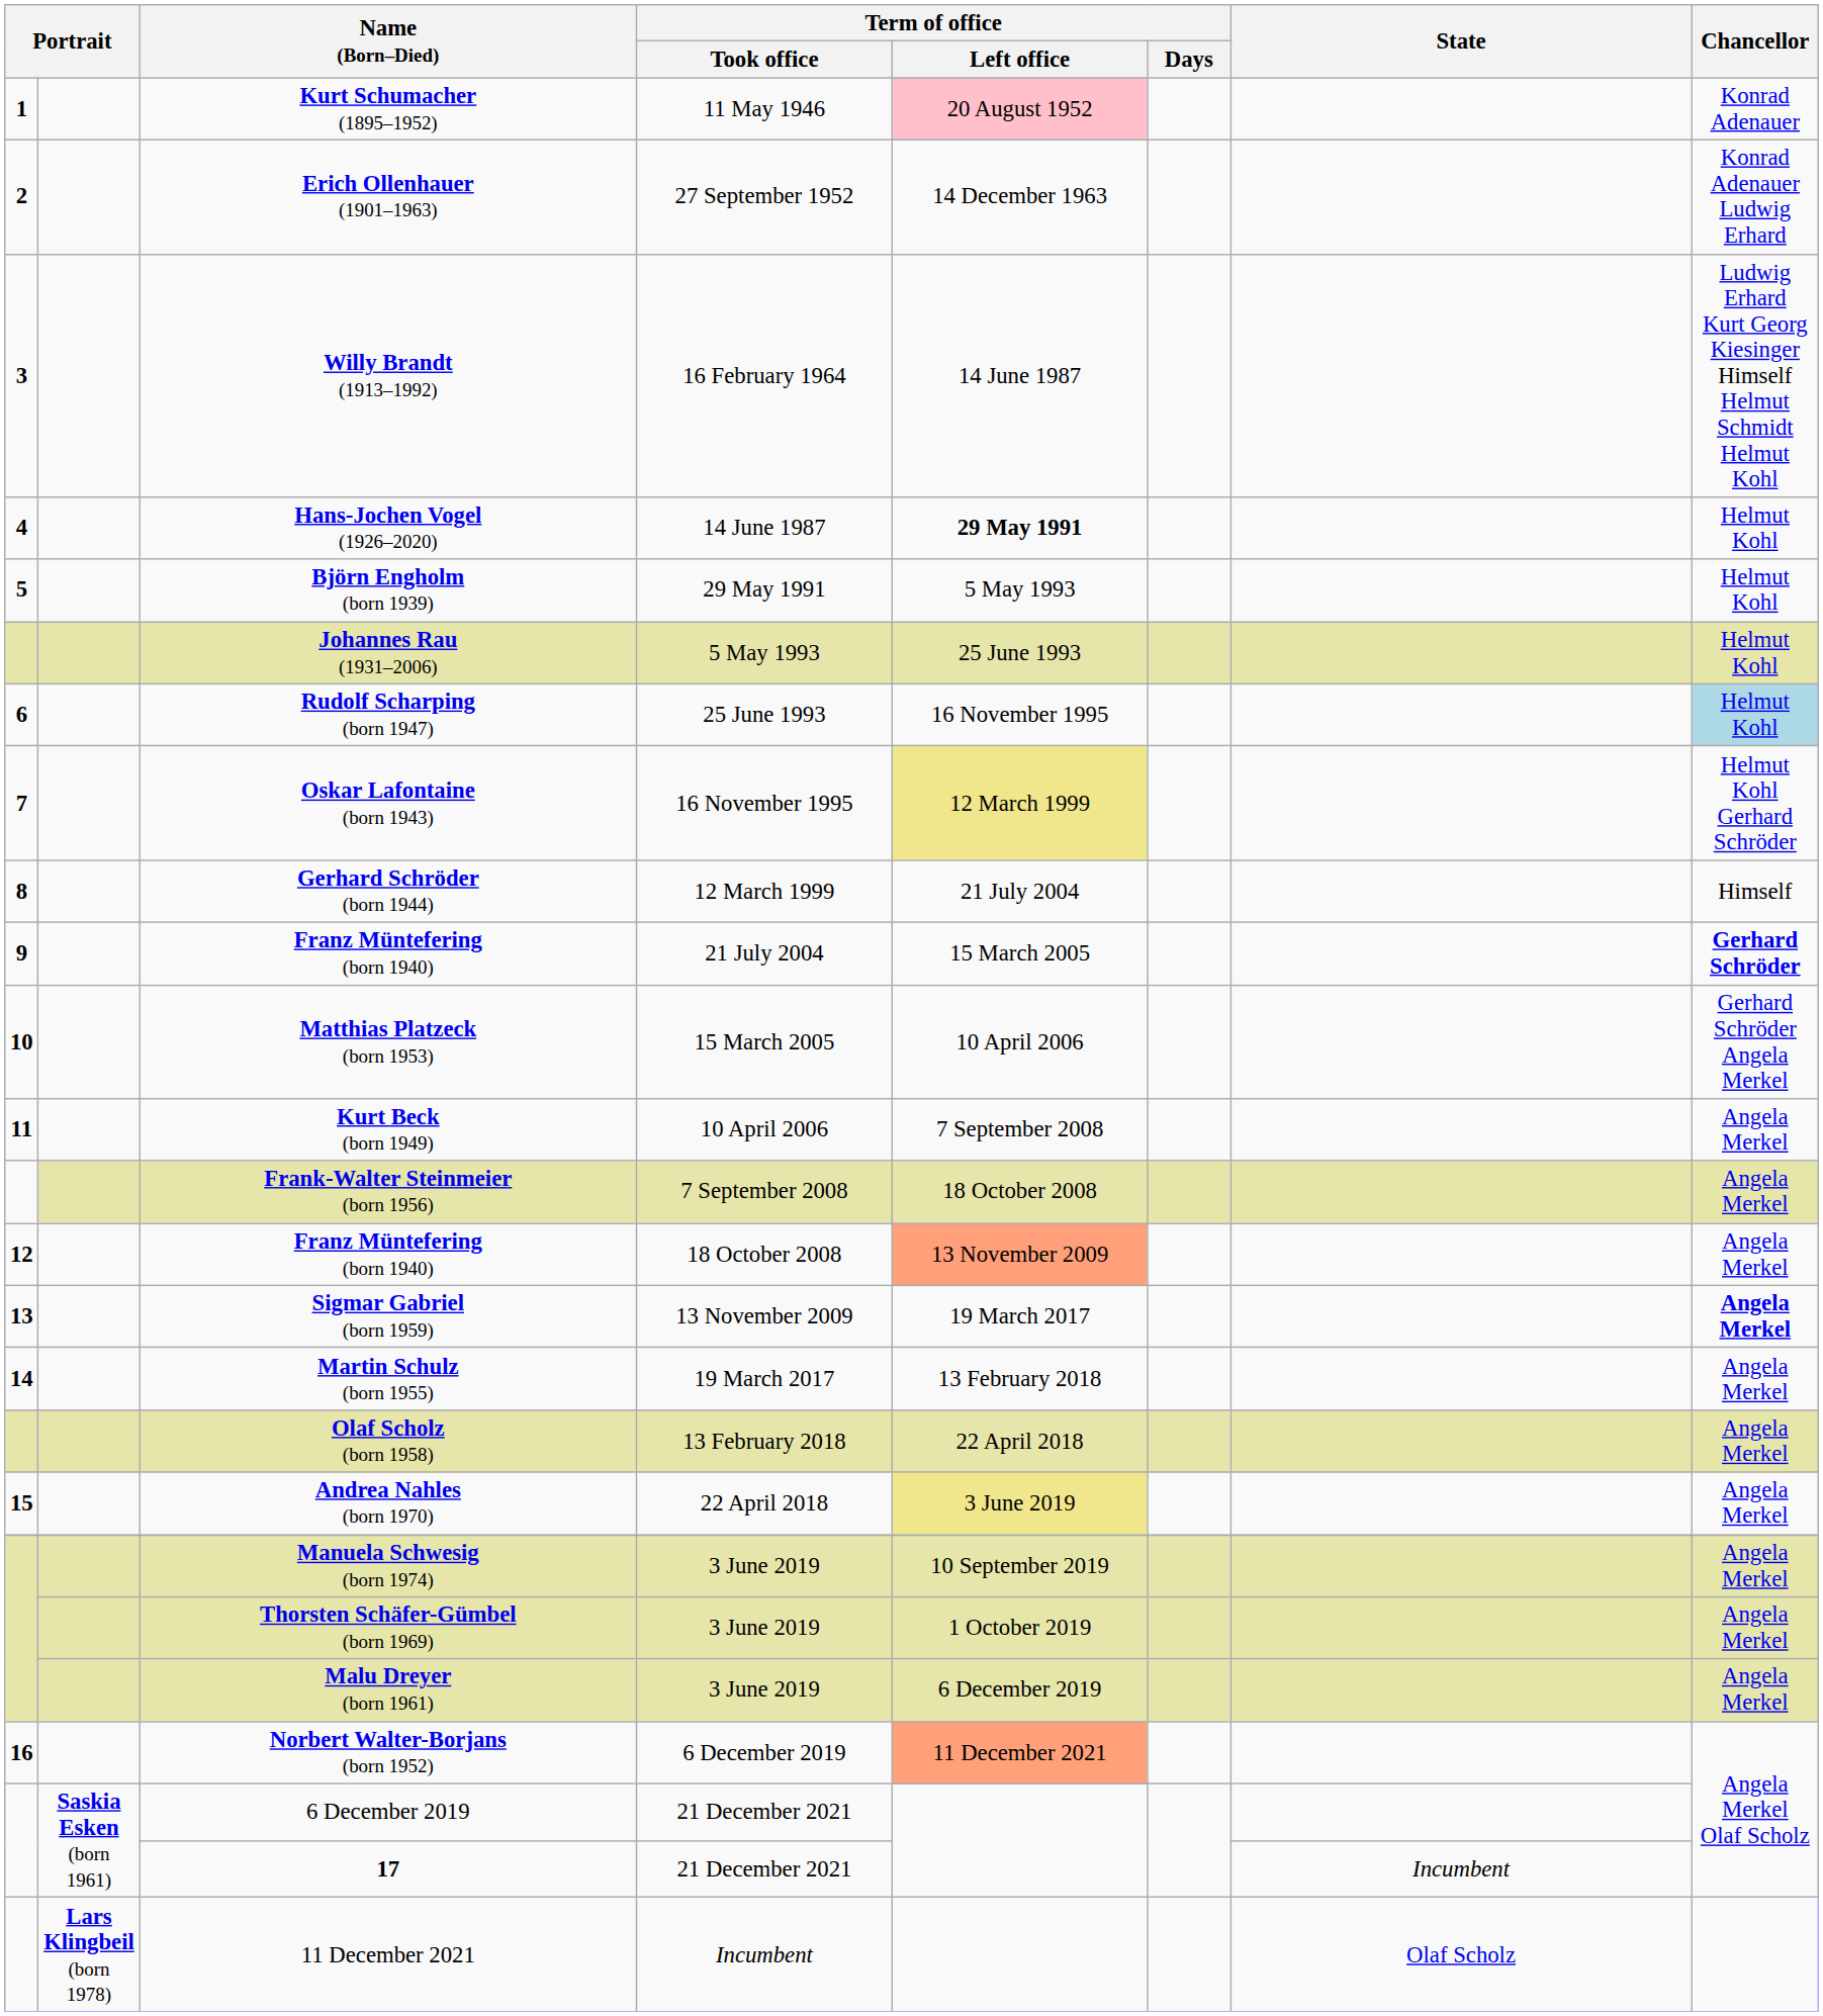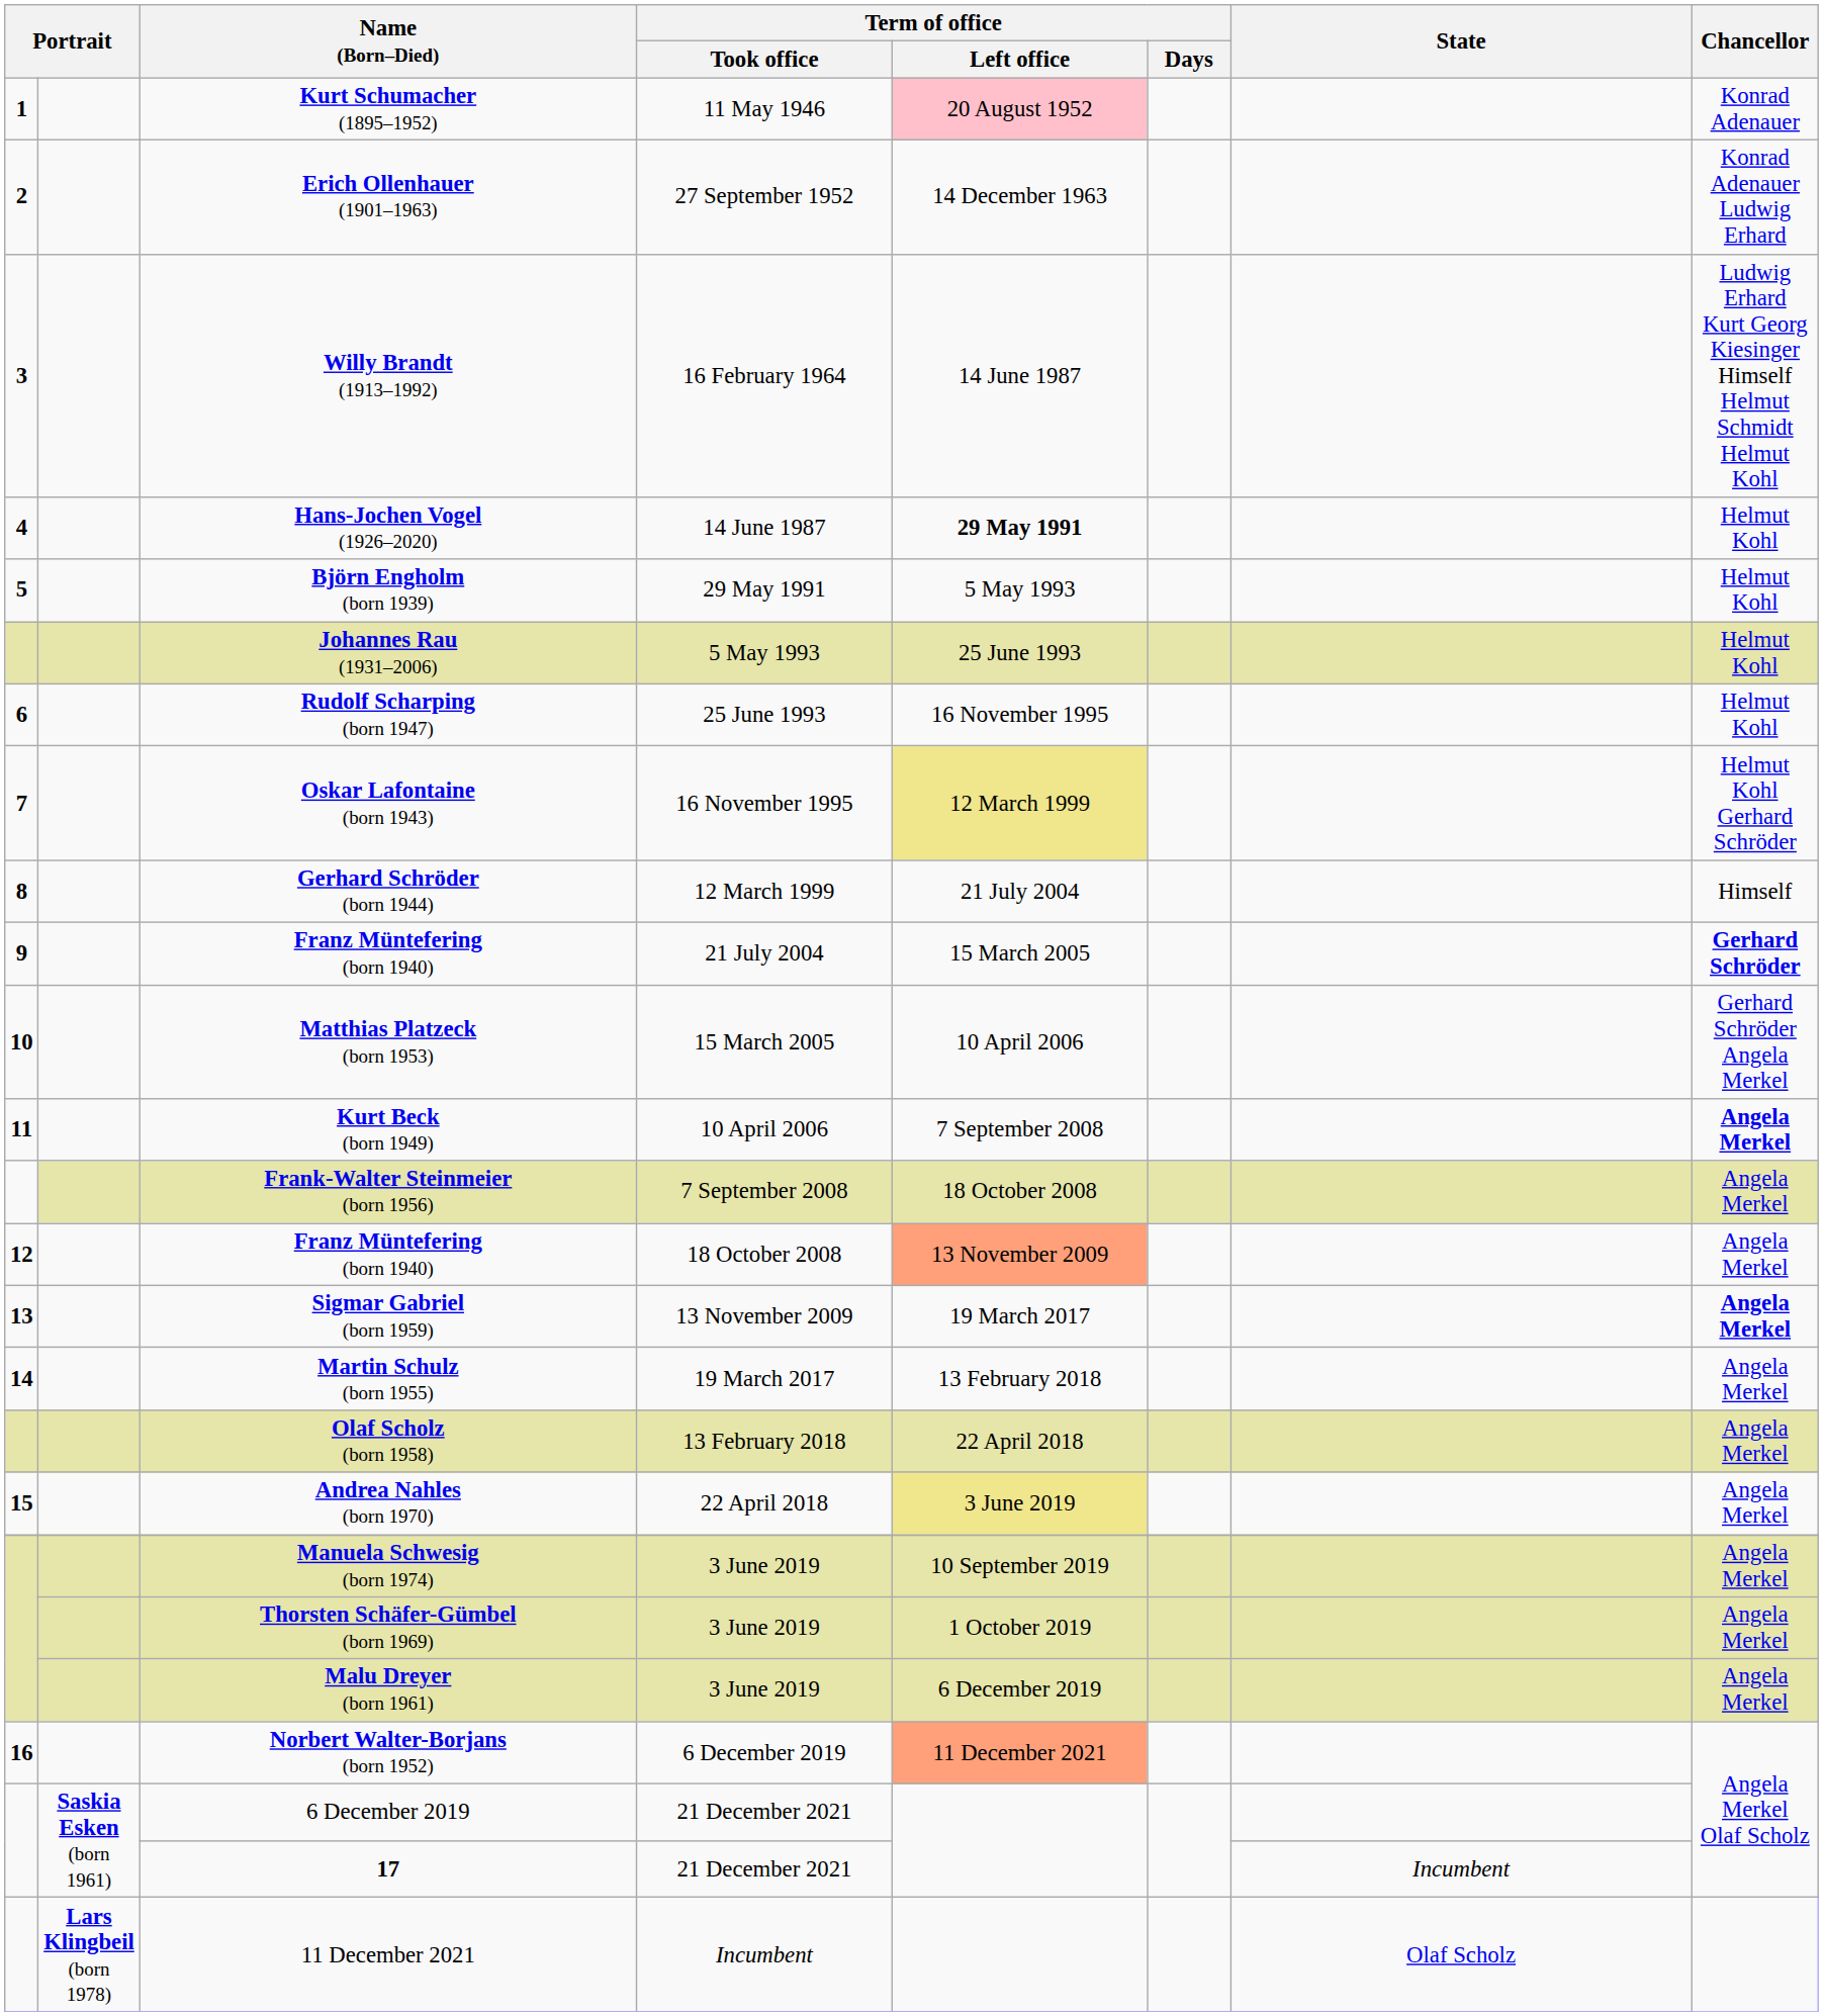 <table class="wikitable" style="text-align:center; width:100%; border:1px #AAAAFF solid">
 <tr>
 <th width=80px rowspan=2 colspan=2>Portrait</th>
 <th width=30% rowspan=2>Name<br><small>(Born–Died)</small></th>
 <th width=35% colspan=3>Term of office</th>
 <th width=28% rowspan=2>State</th>
 <th width=28% rowspan=2>Chancellor</th>
 </tr>
 <tr>
 <th>Took office</th>
 <th>Left office</th>
 <th>Days</th>
 </tr>
 <tr>
 <td style="background:"><strong>1</strong></td>
 <td></td>
 <td><strong><a href='#'>Kurt Schumacher</a></strong><br><small>(1895–1952)</small></td>
 <td>11 May 1946</td>
 <td style="background: pink;">20 August 1952<br></td>
 <td></td>
 <td></td>
 <td><a href='#'>Konrad Adenauer</a></td>
 </tr>
 <tr>
 <td style="background:"><strong>2</strong></td>
 <td></td>
 <td><strong><a href='#'>Erich Ollenhauer</a></strong><br><small>(1901–1963)</small></td>
 <td>27 September 1952</td>
 <td>14 December 1963<br></td>
 <td></td>
 <td></td>
 <td><a href='#'>Konrad Adenauer</a><br><a href='#'>Ludwig Erhard</a></td>
 </tr>
 <tr>
 <td style="background:"><strong>3</strong></td>
 <td></td>
 <td><strong><a href='#'>Willy Brandt</a></strong><br><small>(1913–1992)</small></td>
 <td>16 February 1964</td>
 <td>14 June 1987</td>
 <td></td>
 <td></td>
 <td><a href='#'>Ludwig Erhard</a><br><a href='#'>Kurt Georg Kiesinger</a><br>Himself<br><a href='#'>Helmut Schmidt</a><br><a href='#'>Helmut Kohl</a></td>
 </tr>
 <tr>
 <td style="background:"><strong>4</strong></td>
 <td></td>
 <td><strong><a href='#'>Hans-Jochen Vogel</a></strong><br><small>(1926–2020)</small></td>
 <td>14 June 1987</td>
 <td><strong>29 May 1991</strong></td>
 <td></td>
 <td></td>
 <td><a href='#'>Helmut Kohl</a></td>
 </tr>
 <tr>
 <td style="background:"><strong>5</strong></td>
 <td></td>
 <td><strong><a href='#'>Björn Engholm</a></strong><br><small>(born 1939)</small></td>
 <td>29 May 1991</td>
 <td>5 May 1993<br></td>
 <td></td>
 <td></td>
 <td><a href='#'>Helmut Kohl</a></td>
 </tr>
 <tr style="background-color: #E6E6AA" |>
 <td style="background:"></td>
 <td></td>
 <td><strong><a href='#'>Johannes Rau</a></strong><br><small>(1931–2006)</small></td>
 <td>5 May 1993</td>
 <td>25 June 1993</td>
 <td></td>
 <td></td>
 <td><a href='#'>Helmut Kohl</a></td>
 </tr>
 <tr>
 <td style="background:"><strong>6</strong></td>
 <td></td>
 <td><strong><a href='#'>Rudolf Scharping</a></strong><br><small>(born 1947)</small></td>
 <td>25 June 1993</td>
 <td>16 November 1995</td>
 <td></td>
 <td></td>
-<td style="background: lightblue;"><a href='#'>Helmut Kohl</a></td>
+<td><a href='#'>Helmut Kohl</a></td>
 </tr>
 <tr>
 <td style="background:"><strong>7</strong></td>
 <td></td>
 <td><strong><a href='#'>Oskar Lafontaine</a></strong><br><small>(born 1943)</small></td>
 <td>16 November 1995</td>
 <td style="background: khaki;">12 March 1999<br></td>
 <td></td>
 <td></td>
 <td><a href='#'>Helmut Kohl</a><br><a href='#'>Gerhard Schröder</a></td>
 </tr>
 <tr>
 <td style="background:"><strong>8</strong></td>
 <td></td>
 <td><strong><a href='#'>Gerhard Schröder</a></strong><br><small>(born 1944)</small></td>
 <td>12 March 1999</td>
 <td>21 July 2004</td>
 <td></td>
 <td></td>
 <td>Himself</td>
 </tr>
 <tr>
 <td style="background:"><strong>9</strong></td>
 <td></td>
 <td><strong><a href='#'>Franz Müntefering</a></strong><br><small>(born 1940)</small></td>
 <td>21 July 2004</td>
 <td>15 March 2005<br></td>
 <td></td>
 <td></td>
 <td><strong><a href='#'>Gerhard Schröder</a></strong></td>
 </tr>
 <tr>
 <td style="background:"><strong>10</strong></td>
 <td></td>
 <td><strong><a href='#'>Matthias Platzeck</a></strong><br><small>(born 1953)</small></td>
 <td>15 March 2005</td>
 <td>10 April 2006<br></td>
 <td></td>
 <td></td>
 <td><a href='#'>Gerhard Schröder</a><br><a href='#'>Angela Merkel</a></td>
 </tr>
 <tr>
 <td style="background:"><strong>11</strong></td>
 <td></td>
 <td><strong><a href='#'>Kurt Beck</a></strong><br><small>(born 1949)</small></td>
 <td>10 April 2006</td>
 <td>7 September 2008<br></td>
 <td></td>
 <td></td>
-<td><a href='#'>Angela Merkel</a></td>
+<td><strong><a href='#'>Angela Merkel</a></strong></td>
 </tr>
 <tr>
 <td style="background:"></td>
 <td style="background-color: #E6E6AA"></td>
 <td style="background-color: #E6E6AA"><strong><a href='#'>Frank-Walter Steinmeier</a></strong><br><small>(born 1956)</small></td>
 <td style="background-color: #E6E6AA">7 September 2008</td>
 <td style="background-color: #E6E6AA">18 October 2008</td>
 <td style="background-color: #E6E6AA"></td>
 <td style="background-color: #E6E6AA"></td>
 <td style="background-color: #E6E6AA"><a href='#'>Angela Merkel</a></td>
 </tr>
 <tr>
 <td style="background:"><strong>12 </strong><br></td>
 <td></td>
 <td><strong><a href='#'>Franz Müntefering</a></strong><br><small>(born 1940)</small></td>
 <td>18 October 2008</td>
 <td style="background: lightsalmon;">13 November 2009</td>
 <td></td>
 <td></td>
 <td><a href='#'>Angela Merkel</a></td>
 </tr>
 <tr>
 <td style="background:"><strong>13</strong></td>
 <td></td>
 <td><strong><a href='#'>Sigmar Gabriel</a></strong><br><small>(born 1959)</small></td>
 <td>13 November 2009</td>
 <td>19 March 2017</td>
 <td></td>
 <td></td>
 <td><strong><a href='#'>Angela Merkel</a></strong></td>
 </tr>
 <tr>
 <td style="background:"><strong>14</strong></td>
 <td></td>
 <td><strong><a href='#'>Martin Schulz</a></strong><br><small>(born 1955)</small></td>
 <td>19 March 2017</td>
 <td>13 February 2018<br></td>
 <td></td>
 <td></td>
 <td><a href='#'>Angela Merkel</a></td>
 </tr>
 <tr style="background-color: #E6E6AA" |>
 <td style="background:"></td>
 <td></td>
 <td><strong><a href='#'>Olaf Scholz</a></strong><br><small>(born 1958)</small></td>
 <td>13 February 2018</td>
 <td>22 April 2018</td>
 <td></td>
 <td></td>
 <td><a href='#'>Angela Merkel</a></td>
 </tr>
 <tr>
 <td style="background:"><strong>15</strong></td>
 <td></td>
 <td><strong><a href='#'>Andrea Nahles</a></strong><br><small>(born 1970)</small></td>
 <td>22 April 2018</td>
 <td style="background: khaki;">3 June 2019<br></td>
 <td></td>
 <td></td>
 <td><a href='#'>Angela Merkel</a></td>
 </tr>
 <tr>
 </tr>
 <tr style="background-color: #E6E6AA" |>
 <td rowspan="3" style="background:"></td>
 <td></td>
 <td><strong><a href='#'>Manuela Schwesig</a></strong><br><small>(born 1974)</small></td>
 <td>3 June 2019</td>
 <td>10 September 2019<br></td>
 <td></td>
 <td></td>
 <td><a href='#'>Angela Merkel</a></td>
 </tr>
 <tr style="background-color: #E6E6AA" |>
 <td></td>
 <td><strong><a href='#'>Thorsten Schäfer-Gümbel</a></strong><br><small>(born 1969)</small></td>
 <td>3 June 2019</td>
 <td>1 October 2019<br></td>
 <td></td>
 <td></td>
 <td><a href='#'>Angela Merkel</a></td>
 </tr>
 <tr style="background-color: #E6E6AA" |>
 <td></td>
 <td><strong><a href='#'>Malu Dreyer</a></strong><br><small>(born 1961)</small></td>
 <td>3 June 2019</td>
 <td>6 December 2019</td>
 <td></td>
 <td></td>
 <td><a href='#'>Angela Merkel</a></td>
 </tr>
 <tr>
 <td style="background:"><strong>16</strong></td>
 <td></td>
 <td><strong><a href='#'>Norbert Walter-Borjans</a></strong><br><small>(born 1952)</small></td>
 <td>6 December 2019</td>
 <td style="background: lightsalmon;">11 December 2021</td>
 <td></td>
 <td></td>
 <td rowspan="3"><a href='#'>Angela Merkel</a><br><a href='#'>Olaf Scholz</a></td>
 </tr>
 <tr>
 <td rowspan="2"></td>
 <td rowspan="2"><strong><a href='#'>Saskia Esken</a></strong><br><small>(born 1961)</small></td>
 <td>6 December 2019</td>
 <td>21 December 2021</td>
 <td rowspan="2"></td>
 <td rowspan="2"></td>
 </tr>
 <tr>
 <td style="background:"><strong>17</strong></td>
 <td>21 December 2021</td>
 <td><em>Incumbent</em></td>
 </tr>
 <tr>
 <td></td>
 <td><strong><a href='#'>Lars Klingbeil</a></strong><br><small>(born 1978)</small></td>
 <td>11 December 2021</td>
 <td><em>Incumbent</em></td>
 <td></td>
 <td></td>
 <td><a href='#'>Olaf Scholz</a></td>
 </tr>
 <tr>
 </tr>
 </table>
